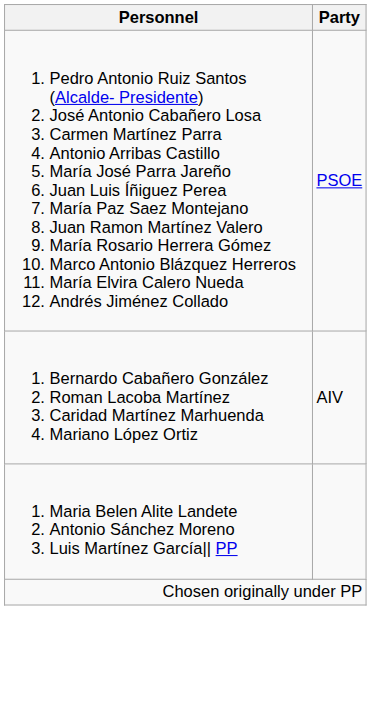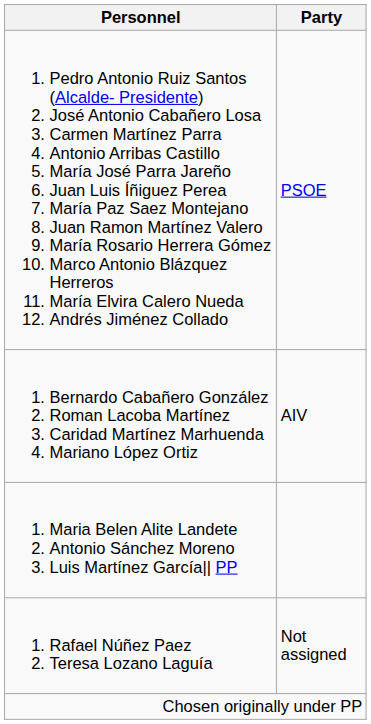 <table class="wikitable floatright" style="width:22em;">
 <tr>
 <th scope="col">Personnel</th>
 <th scope="col">Party</th>
 </tr>
 <tr>
 <td><br><ol><li>Pedro Antonio Ruiz Santos (<a href='#'>Alcalde- Presidente</a>)</li><li>José Antonio Cabañero Losa</li><li>Carmen Martínez Parra</li><li>Antonio Arribas Castillo</li><li>María José Parra Jareño</li><li>Juan Luis Íñiguez Perea</li><li>María Paz Saez Montejano</li><li>Juan Ramon Martínez Valero</li><li>María Rosario Herrera Gómez</li><li>Marco Antonio Blázquez Herreros</li><li>María Elvira Calero Nueda</li><li>Andrés Jiménez Collado</li></ol></td>
 <td><a href='#'>PSOE</a></td>
 </tr>
 <tr>
 <td><br><ol><li>Bernardo Cabañero González</li><li>Roman Lacoba Martínez</li><li>Caridad Martínez Marhuenda</li><li>Mariano López Ortiz</li></ol></td>
 <td>AIV</td>
 </tr>
 <tr>
 <td><br><ol><li>Maria Belen Alite Landete</li><li>Antonio Sánchez Moreno</li><li>Luis Martínez García|| <a href='#'>PP</a></li></ol></td>
 </tr>
 <tr>
+<td><br><ol><li>Rafael Núñez Paez</li><li>Teresa Lozano Laguía</li></ol></td>
+<td>Not assigned</td>
+</tr>
+<tr>
 <td colspan=2 style="text-align:right"> Chosen originally under PP</td>
 </tr>
 </table>
